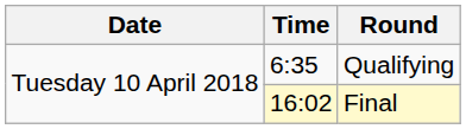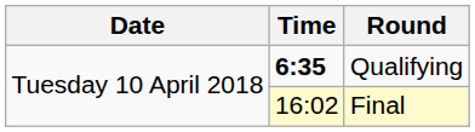 <table class="wikitable">
 <tr>
 <th>Date</th>
 <th>Time</th>
 <th>Round</th>
 </tr>
 <tr>
 <td rowspan=2>Tuesday 10 April 2018</td>
-<td>6:35</td>
+<td><strong>6:35</strong></td>
 <td>Qualifying</td>
 </tr>
 <tr>
 <td style=background:lemonchiffon>16:02</td>
 <td style=background:lemonchiffon>Final</td>
 </tr>
 </table>
